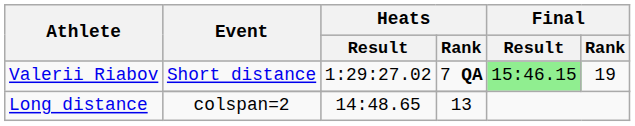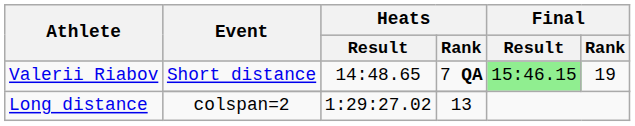 <table class=wikitable style="font-size:90%">
 <tr>
 <th rowspan="2">Athlete</th>
 <th rowspan="2">Event</th>
 <th colspan="2">Heats</th>
 <th colspan="2">Final</th>
 </tr>
 <tr style="font-size:95%">
 <th>Result</th>
 <th>Rank</th>
 <th>Result</th>
 <th>Rank</th>
 </tr>
 <tr align=center>
 <td align=left rowspan=2><a href='#'>Valerii Riabov</a></td>
 <td align=left><a href='#'>Short distance</a></td>
-<td>1:29:27.02</td>
+<td>14:48.65</td>
 <td>7 <strong>QA</strong></td>
 <td style="background: lightgreen;">15:46.15</td>
 <td>19</td>
 </tr>
 <tr>
 </tr>
 <tr align=center>
 <td align=left><a href='#'>Long distance</a></td>
 <td>colspan=2 </td>
-<td>14:48.65</td>
+<td>1:29:27.02</td>
 <td>13</td>
 </tr>
 </table>
